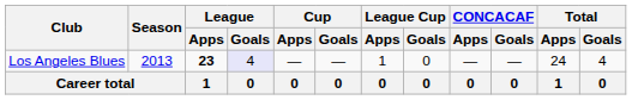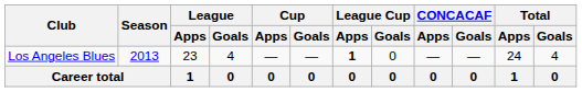 <table class="wikitable" style="font-size:90%; text-align:center;">
 <tr>
 <th rowspan="2">Club</th>
 <th rowspan="2">Season</th>
 <th colspan="2">League</th>
 <th colspan="2">Cup</th>
 <th colspan="2">League Cup</th>
 <th colspan="2"><a href='#'>CONCACAF</a></th>
 <th colspan="2">Total</th>
 </tr>
 <tr>
 <th>Apps</th>
 <th>Goals</th>
 <th>Apps</th>
 <th>Goals</th>
 <th>Apps</th>
 <th>Goals</th>
 <th>Apps</th>
 <th>Goals</th>
 <th>Apps</th>
 <th>Goals</th>
 </tr>
 <tr>
 <td rowspan="1"><a href='#'>Los Angeles Blues</a></td>
 <td><a href='#'>2013</a></td>
-<td><strong>23</strong></td>
-<td style="background: lavender;">4</td>
+<td>23</td>
+<td>4</td>
 <td>—</td>
 <td>—</td>
-<td>1</td>
+<td><strong>1</strong></td>
 <td>0</td>
 <td>—</td>
 <td>—</td>
 <td>24</td>
 <td>4</td>
 </tr>
 <tr>
 <th colspan="2">Career total</th>
 <th>1</th>
 <th>0</th>
 <th>0</th>
 <th>0</th>
 <th>0</th>
 <th>0</th>
 <th>0</th>
 <th>0</th>
 <th>1</th>
 <th>0</th>
 </tr>
 </table>
